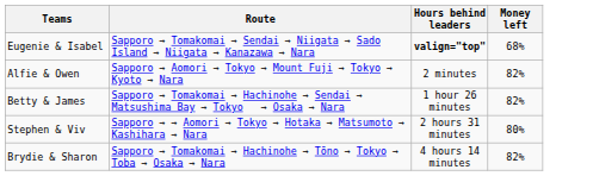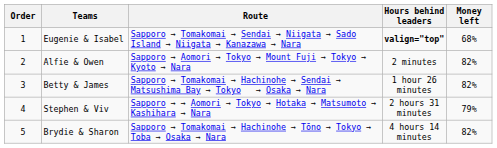 <table class="wikitable sortable" style="text-align:center">
 <tr>
+<th style="width:4em">Order</th>
 <th style="width:10em">Teams</th>
 <th style="width:30em">Route</th>
 <th style="width:5em">Hours behind leaders</th>
 <th style="width:5em">Money left</th>
 </tr>
 <tr>
+<td>1</td>
 <td style="text-align:left">Eugenie & Isabel</td>
 <td style="text-align:left"><a href='#'>Sapporo</a>  → <a href='#'>Tomakomai</a>  → <a href='#'>Sendai</a>  → <a href='#'>Niigata</a>  → <a href='#'>Sado Island</a>   →  <a href='#'>Niigata</a>  → <a href='#'>Kanazawa</a>  → <a href='#'>Nara</a></td>
 <td><strong>valign="top" </strong></td>
 <td>68%</td>
 </tr>
 <tr>
+<td>2</td>
 <td style="text-align:left">Alfie & Owen</td>
 <td style="text-align:left"><a href='#'>Sapporo</a> → <a href='#'>Aomori</a>  → <a href='#'>Tokyo</a>   → <a href='#'>Mount Fuji</a>    → <a href='#'>Tokyo</a>  → <a href='#'>Kyoto</a>  → <a href='#'>Nara</a></td>
 <td>2 minutes</td>
 <td>82%</td>
 </tr>
 <tr>
+<td>3</td>
 <td style="text-align:left">Betty & James</td>
 <td style="text-align:left"><a href='#'>Sapporo</a>  → <a href='#'>Tomakomai</a>  → <a href='#'>Hachinohe</a>  → <a href='#'>Sendai</a> → <a href='#'>Matsushima Bay</a>  → <a href='#'>Tokyo</a>    → <a href='#'>Osaka</a> → <a href='#'>Nara</a></td>
 <td>1 hour 26 minutes</td>
 <td>82%</td>
 </tr>
 <tr>
+<td>4</td>
 <td style="text-align:left">Stephen & Viv</td>
 <td style="text-align:left"><a href='#'>Sapporo</a> →  → <a href='#'>Aomori</a>  → <a href='#'>Tokyo</a> → <a href='#'>Hotaka</a>   → <a href='#'>Matsumoto</a>  → <a href='#'>Kashihara</a> → <a href='#'>Nara</a></td>
 <td>2 hours 31 minutes</td>
-<td>80%</td>
+<td>79%</td>
 </tr>
 <tr>
+<td>5</td>
 <td style="text-align:left">Brydie & Sharon</td>
 <td style="text-align:left"><a href='#'>Sapporo</a>  → <a href='#'>Tomakomai</a>  → <a href='#'>Hachinohe</a>  → <a href='#'>Tōno</a>  → <a href='#'>Tokyo</a>  → <a href='#'>Toba</a>   → <a href='#'>Osaka</a>  → <a href='#'>Nara</a></td>
 <td>4 hours 14 minutes</td>
 <td>82%</td>
 </tr>
 </table>
